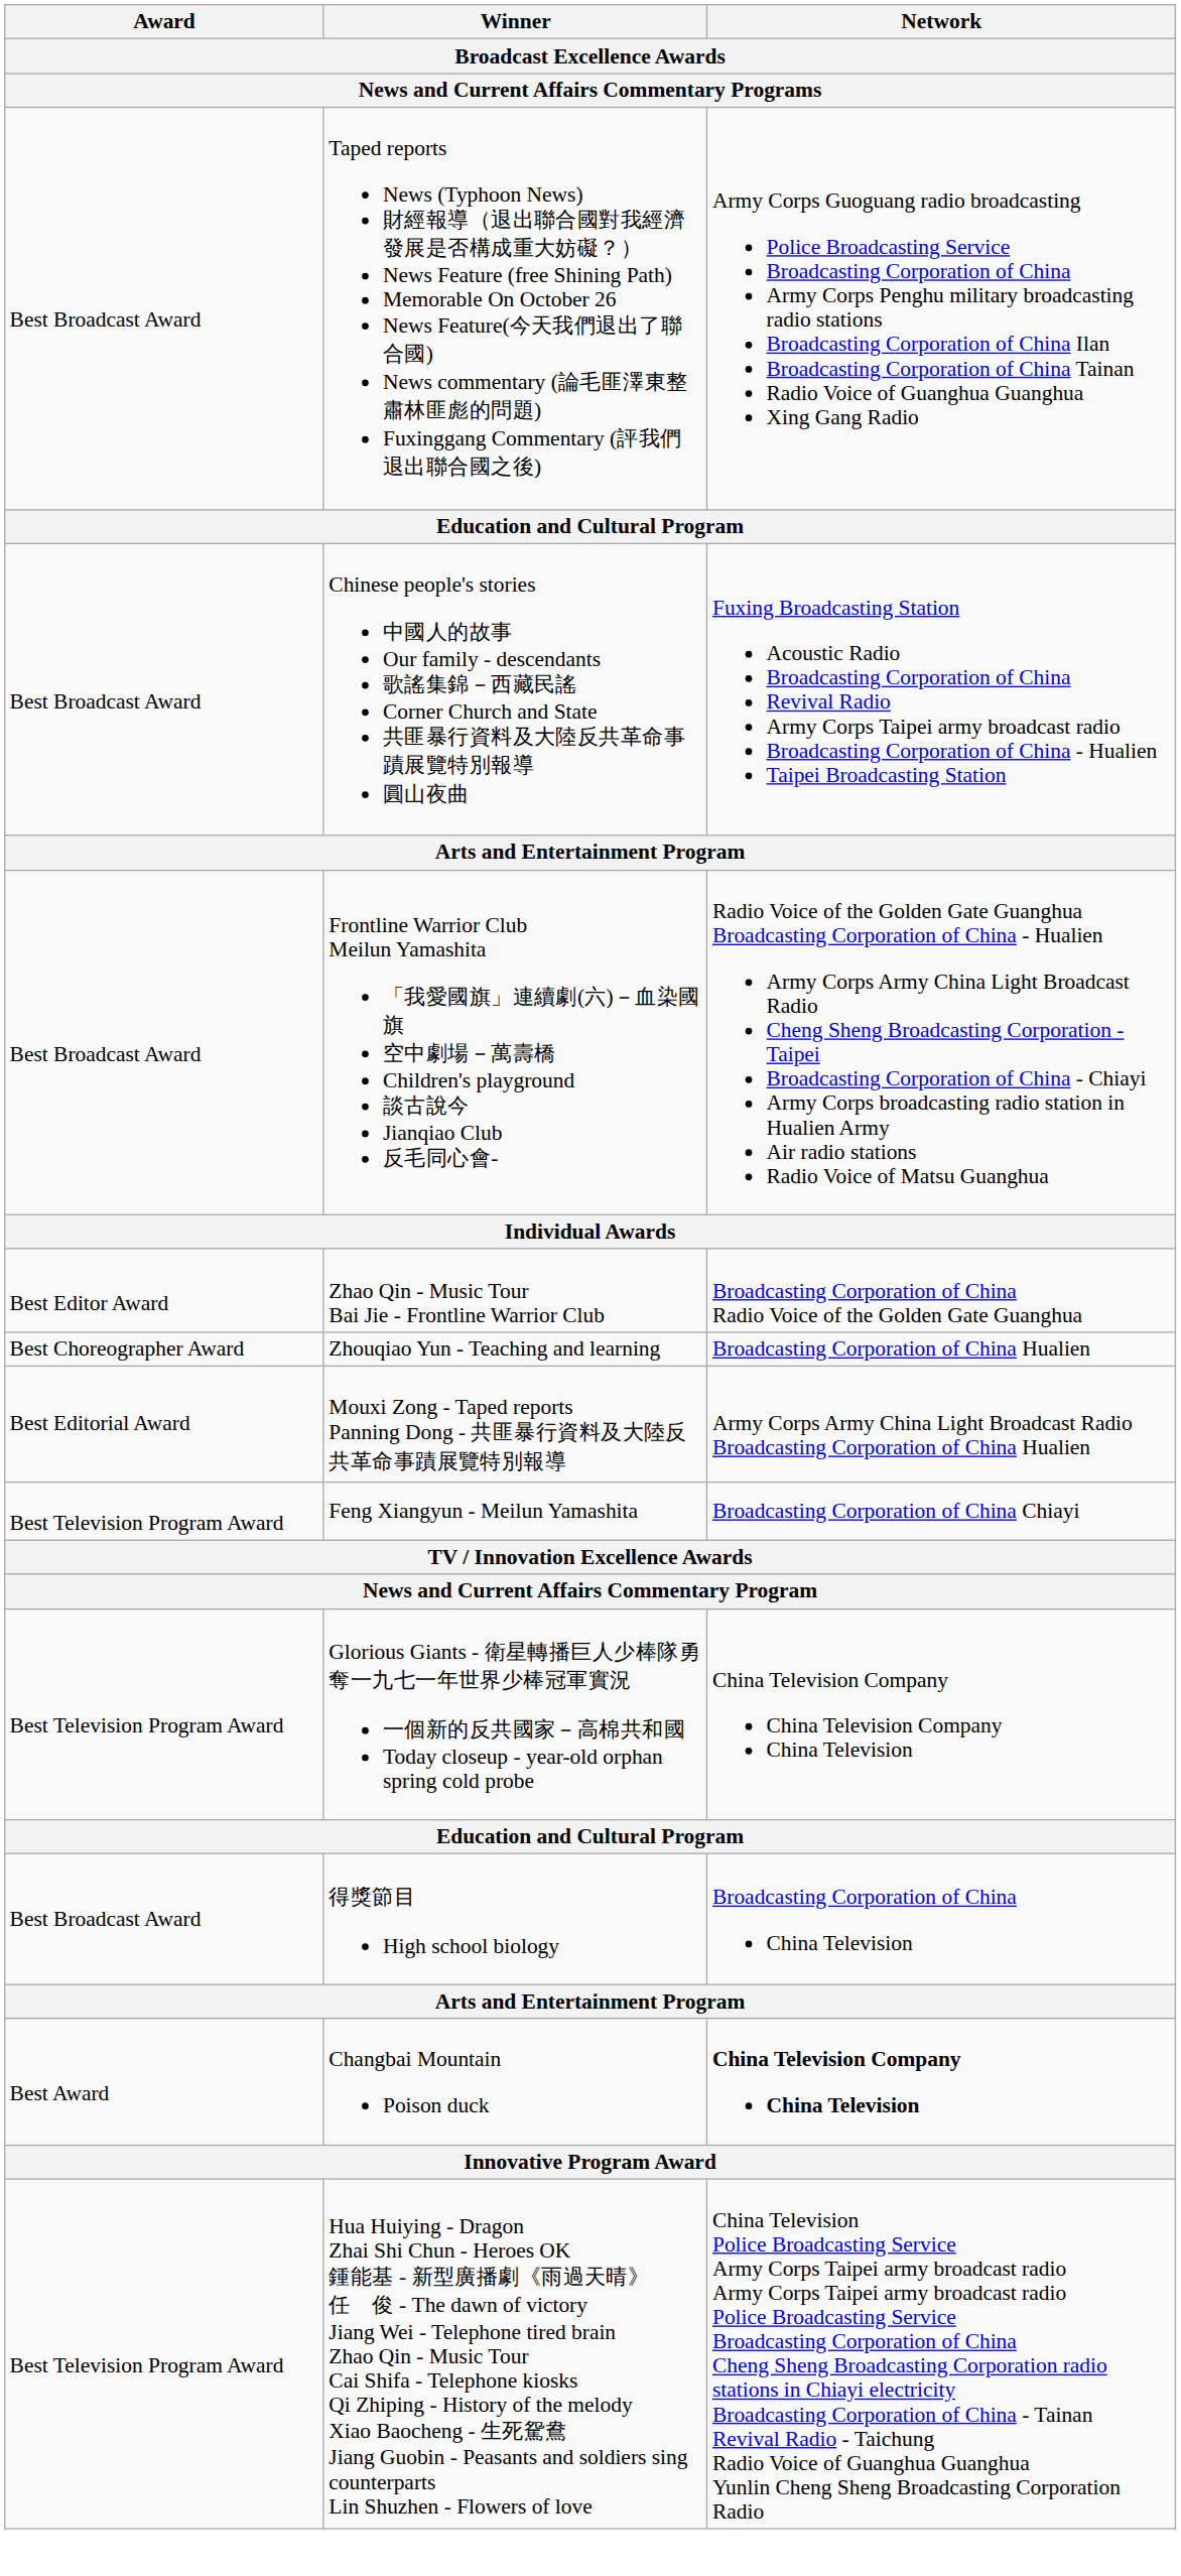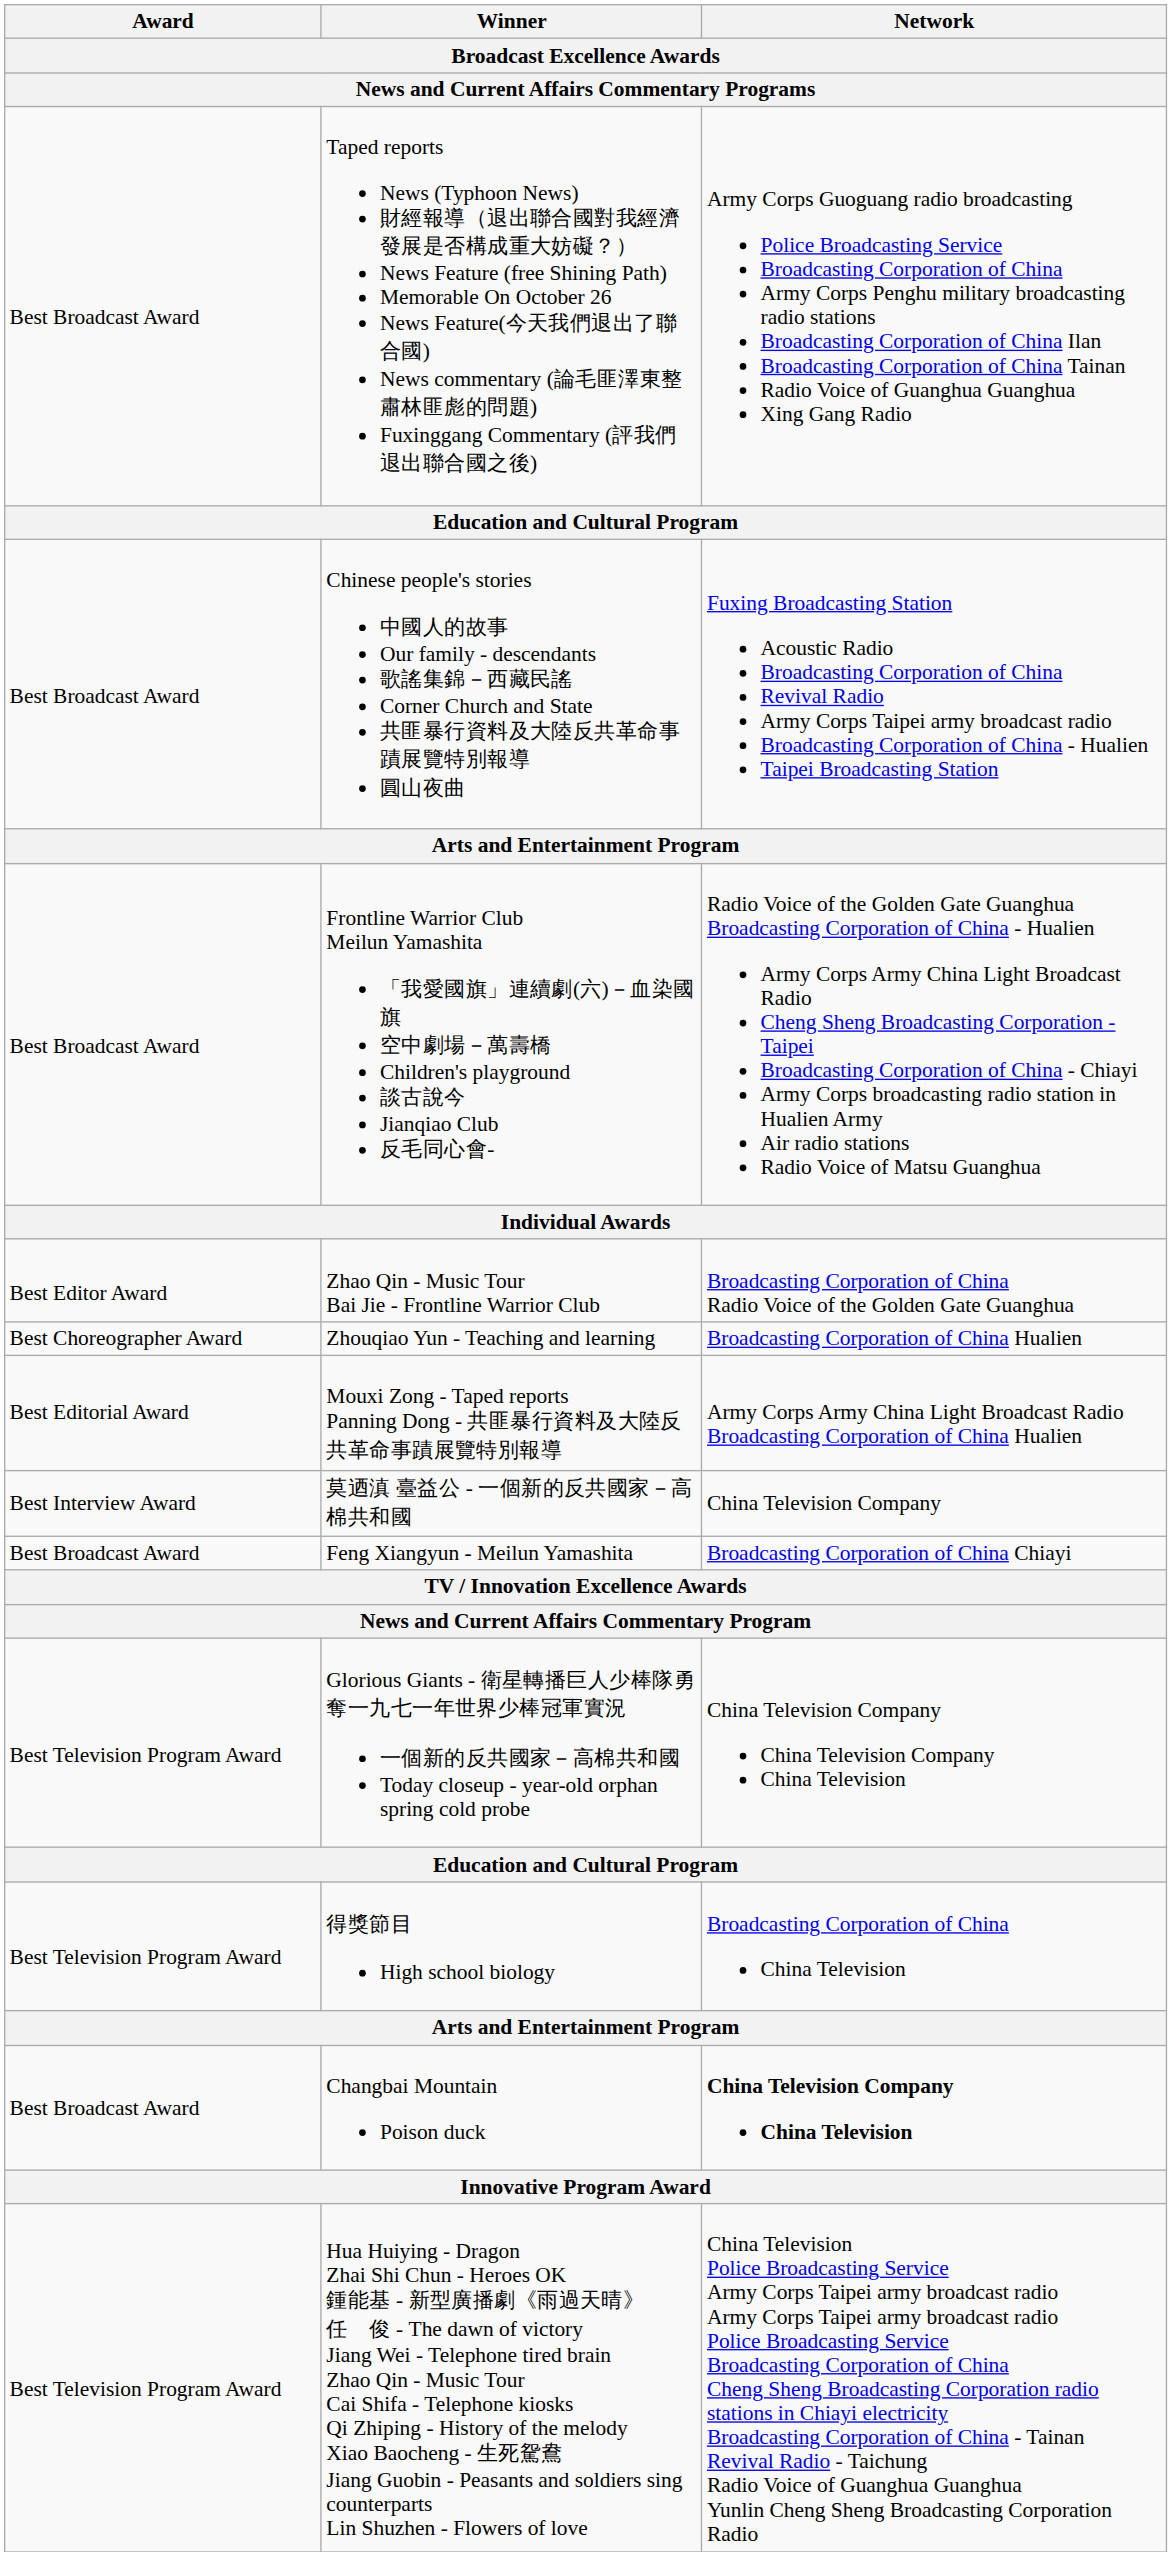 <table class="wikitable">
 <tr>
 <th style="width:200pt;">Award</th>
 <th style="width:240pt;">Winner</th>
 <th style="width:300pt;">Network</th>
 </tr>
 <tr>
 <th colspan=3 style="text-align:center" style="background:#99CCFF;">Broadcast Excellence Awards</th>
 </tr>
 <tr>
 <th colspan=3 style="text-align:center" style="background: LightSteelBlue;">News and Current Affairs Commentary Programs</th>
 </tr>
 <tr>
 <td><br>Best Broadcast Award</td>
 <td><br>Taped reports<ul><li>News (Typhoon News)</li><li>財經報導（退出聯合國對我經濟發展是否構成重大妨礙？）</li><li>News Feature (free Shining Path)</li><li>Memorable On October 26</li><li>News Feature(今天我們退出了聯合國)</li><li>News commentary (論毛匪澤東整肅林匪彪的問題)</li><li>Fuxinggang Commentary (評我們退出聯合國之後)</li></ul></td>
 <td><br>Army Corps Guoguang radio broadcasting<ul><li><a href='#'>Police Broadcasting Service</a></li><li><a href='#'>Broadcasting Corporation of China</a></li><li>Army Corps Penghu military broadcasting radio stations</li><li><a href='#'>Broadcasting Corporation of China</a> Ilan</li><li><a href='#'>Broadcasting Corporation of China</a> Tainan</li><li>Radio Voice of Guanghua Guanghua</li><li>Xing Gang Radio</li></ul></td>
 </tr>
 <tr>
 <th colspan=3 style="text-align:center" style="background: LightSteelBlue;">Education and Cultural Program</th>
 </tr>
 <tr>
 <td><br>Best Broadcast Award</td>
 <td><br>Chinese people's stories<ul><li>中國人的故事</li><li>Our family - descendants</li><li>歌謠集錦－西藏民謠</li><li>Corner Church and State</li><li>共匪暴行資料及大陸反共革命事蹟展覽特別報導</li><li>圓山夜曲</li></ul></td>
 <td><br><a href='#'>Fuxing Broadcasting Station</a><ul><li>Acoustic Radio</li><li><a href='#'>Broadcasting Corporation of China</a></li><li><a href='#'>Revival Radio</a></li><li>Army Corps Taipei army broadcast radio</li><li><a href='#'>Broadcasting Corporation of China</a> - Hualien</li><li><a href='#'>Taipei Broadcasting Station</a></li></ul></td>
 </tr>
 <tr>
 <th colspan=3 style="text-align:center" style="background: LightSteelBlue;">Arts and Entertainment Program</th>
 </tr>
 <tr>
 <td><br>Best Broadcast Award</td>
 <td><br>Frontline Warrior Club <br>Meilun Yamashita<ul><li>「我愛國旗」連續劇(六)－血染國旗</li><li>空中劇場－萬壽橋</li><li>Children's playground</li><li>談古說今</li><li>Jianqiao Club</li><li>反毛同心會-</li></ul></td>
 <td><br>Radio Voice of the Golden Gate Guanghua <br><a href='#'>Broadcasting Corporation of China</a> - Hualien<ul><li>Army Corps Army China Light Broadcast Radio</li><li><a href='#'>Cheng Sheng Broadcasting Corporation - Taipei</a></li><li><a href='#'>Broadcasting Corporation of China</a> - Chiayi</li><li>Army Corps broadcasting radio station in Hualien Army</li><li>Air radio stations</li><li>Radio Voice of Matsu Guanghua</li></ul></td>
 </tr>
 <tr>
 <th colspan=3 style="text-align:center" style="background:#99CCFF;">Individual Awards</th>
 </tr>
 <tr>
 <td><br>Best Editor Award</td>
 <td><br>Zhao Qin - Music Tour <br>Bai Jie - Frontline Warrior Club</td>
 <td><br><a href='#'>Broadcasting Corporation of China</a> <br>Radio Voice of the Golden Gate Guanghua</td>
 </tr>
 <tr>
 <td>Best Choreographer Award</td>
 <td>Zhouqiao Yun - Teaching and learning</td>
 <td><a href='#'>Broadcasting Corporation of China</a> Hualien</td>
 </tr>
 <tr>
 <td>Best Editorial Award</td>
 <td><br>Mouxi Zong - Taped reports <br>Panning Dong - 共匪暴行資料及大陸反共革命事蹟展覽特別報導</td>
 <td><br>Army Corps Army China Light Broadcast Radio <br><a href='#'>Broadcasting Corporation of China</a> Hualien</td>
 </tr>
 <tr>
-<td><br>Best Television Program Award</td>
+<td>Best Interview Award</td>
+<td>莫迺滇 臺益公 - 一個新的反共國家－高棉共和國</td>
+<td>China Television Company</td>
+</tr>
+<tr>
+<td>Best Broadcast Award</td>
 <td>Feng Xiangyun - Meilun Yamashita</td>
 <td><a href='#'>Broadcasting Corporation of China</a> Chiayi</td>
 </tr>
 <tr>
 <th colspan=3 style="text-align:center" style="background:#99CCFF;">TV / Innovation Excellence Awards</th>
 </tr>
 <tr>
 <th colspan=3 style="text-align:center" style="background: LightSteelBlue;">News and Current Affairs Commentary Program</th>
 </tr>
 <tr>
 <td><br>Best Television Program Award</td>
 <td><br>Glorious Giants - 衛星轉播巨人少棒隊勇奪一九七一年世界少棒冠軍實況<ul><li>一個新的反共國家－高棉共和國</li><li>Today closeup - year-old orphan spring cold probe</li></ul></td>
 <td><br>China Television Company<ul><li>China Television Company</li><li>China Television</li></ul></td>
 </tr>
 <tr>
 <th colspan=3 style="text-align:center" style="background: LightSteelBlue;">Education and Cultural Program</th>
 </tr>
 <tr>
-<td>Best Broadcast Award</td>
+<td><br>Best Television Program Award</td>
 <td><br>得獎節目<ul><li>High school biology</li></ul></td>
 <td><br><a href='#'>Broadcasting Corporation of China</a><ul><li>China Television</li></ul></td>
 </tr>
 <tr>
 <th colspan=3 style="text-align:center" style="background: LightSteelBlue;">Arts and Entertainment Program</th>
 </tr>
 <tr>
-<td><br>Best Award</td>
+<td>Best Broadcast Award</td>
 <td><br>Changbai Mountain<ul><li>Poison duck</li></ul></td>
 <td><strong><br>China Television Company<ul><li>China Television</li></ul></strong></td>
 </tr>
 <tr>
 <th colspan=3 style="text-align:center" style="background: LightSteelBlue;">Innovative Program Award</th>
 </tr>
 <tr>
 <td><br>Best Television Program Award</td>
 <td><br>Hua Huiying - Dragon <br>Zhai Shi Chun - Heroes OK <br>鍾能基 - 新型廣播劇《雨過天晴》 <br>任　俊 - The dawn of victory <br>Jiang Wei - Telephone tired brain <br>Zhao Qin - Music Tour <br>Cai Shifa - Telephone kiosks <br>Qi Zhiping - History of the melody <br>Xiao Baocheng - 生死駌鴦 <br>Jiang Guobin - Peasants and soldiers sing counterparts <br>Lin Shuzhen - Flowers of love</td>
 <td><br>China Television <br><a href='#'>Police Broadcasting Service</a> <br>Army Corps Taipei army broadcast radio <br>Army Corps Taipei army broadcast radio <br><a href='#'>Police Broadcasting Service</a> <br><a href='#'>Broadcasting Corporation of China</a> <br><a href='#'>Cheng Sheng Broadcasting Corporation radio stations in Chiayi electricity</a> <br><a href='#'>Broadcasting Corporation of China</a> - Tainan <br><a href='#'>Revival Radio</a> - Taichung  <br>Radio Voice of Guanghua Guanghua <br>Yunlin Cheng Sheng Broadcasting Corporation Radio</td>
 </tr>
 </table>
